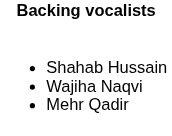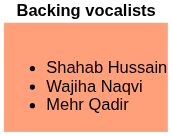 <table>
 <tr>
 <th>Backing vocalists</th>
 </tr>
 <tr>
-<td><br><ul><li>Shahab Hussain</li><li>Wajiha Naqvi</li><li>Mehr Qadir</li></ul></td>
+<td style="background: lightsalmon;"><br><ul><li>Shahab Hussain</li><li>Wajiha Naqvi</li><li>Mehr Qadir</li></ul></td>
 </tr>
 </table>
